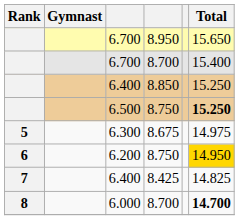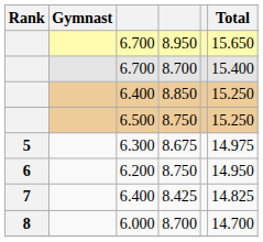 <table class="wikitable sortable" style="text-align:center; font-size:95%">
 <tr>
 <th scope=col>Rank</th>
 <th scope=col>Gymnast</th>
 <th scope=col></th>
 <th scope=col></th>
 <th scope=col></th>
 <th scope=col>Total</th>
 </tr>
 <tr bgcolor=fffcaf>
 <th scope=row></th>
 <td align=left></td>
 <td>6.700</td>
 <td>8.950</td>
 <td></td>
 <td>15.650</td>
 </tr>
 <tr bgcolor=e5e5e5>
 <th scope=row></th>
 <td align=left></td>
 <td>6.700</td>
 <td>8.700</td>
 <td></td>
 <td>15.400</td>
 </tr>
 <tr bgcolor=eecc99>
 <th scope=row></th>
 <td align=left></td>
 <td>6.400</td>
 <td>8.850</td>
 <td></td>
 <td>15.250</td>
 </tr>
 <tr bgcolor=eecc99>
 <th scope=row></th>
 <td align=left></td>
 <td>6.500</td>
 <td>8.750</td>
 <td></td>
-<td><strong>15.250</strong></td>
+<td>15.250</td>
 </tr>
 <tr>
 <th scope=row>5</th>
 <td align=left></td>
 <td>6.300</td>
 <td>8.675</td>
 <td></td>
 <td>14.975</td>
 </tr>
 <tr>
 <th scope=row>6</th>
 <td align=left></td>
 <td>6.200</td>
 <td>8.750</td>
 <td></td>
-<td style="background: gold;">14.950</td>
+<td>14.950</td>
 </tr>
 <tr>
 <th scope=row>7</th>
 <td align=left></td>
 <td>6.400</td>
 <td>8.425</td>
 <td></td>
 <td>14.825</td>
 </tr>
 <tr>
 <th scope=row>8</th>
 <td align=left></td>
 <td>6.000</td>
 <td>8.700</td>
 <td></td>
-<td><strong>14.700</strong></td>
+<td>14.700</td>
 </tr>
 <tr>
 </tr>
 </table>
